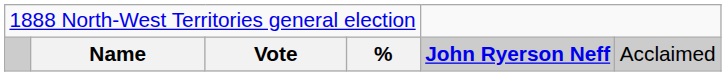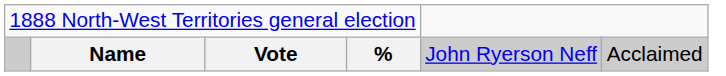 <table class="wikitable">
 <tr>
 <td colspan=4 align=center><a href='#'>1888 North-West Territories general election</a></td>
 </tr>
 <tr bgcolor="CCCCCC">
 <td></td>
 <th>Name</th>
 <th>Vote</th>
 <th>%<br></th>
-<td><strong><a href='#'>John Ryerson Neff</a></strong></td>
+<td><a href='#'>John Ryerson Neff</a></td>
 <td colspan="2" align=center>Acclaimed</td>
 </tr>
 </table>
